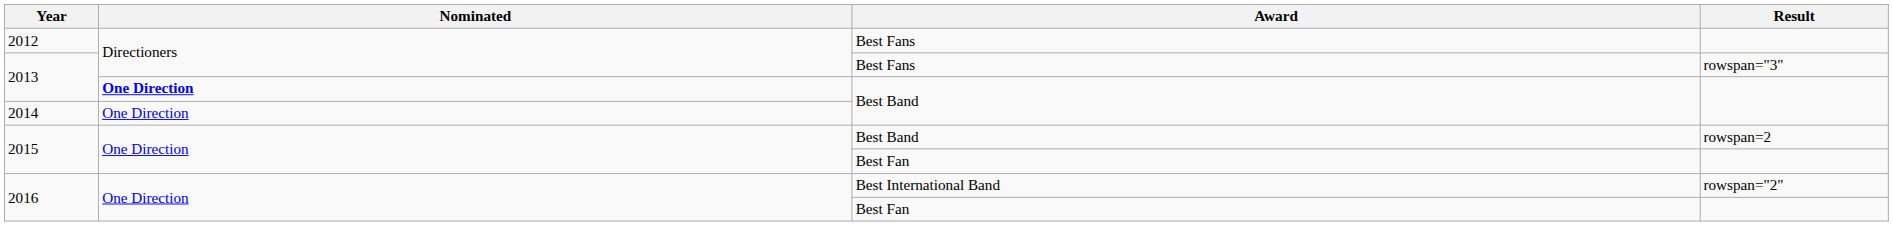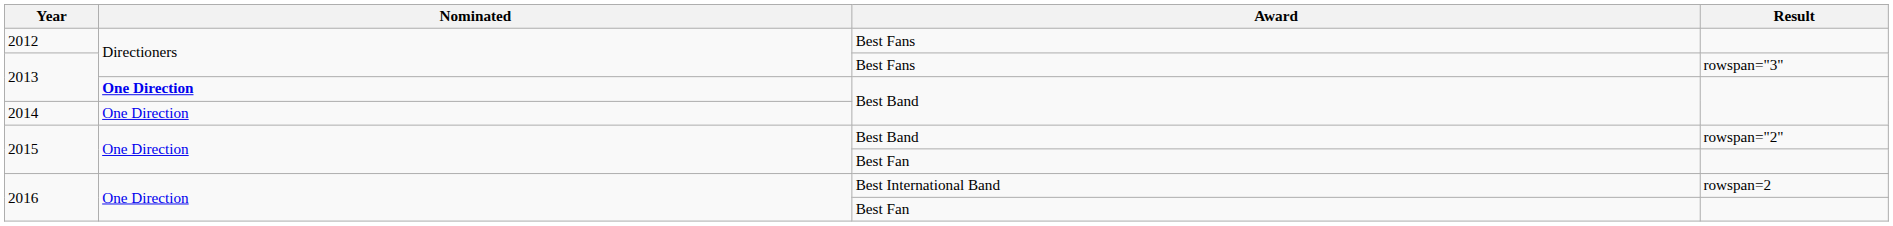 <table class="wikitable" style="width:100%;">
 <tr>
 <th width=5%>Year</th>
 <th style="width:40%;">Nominated</th>
 <th style="width:45%;">Award</th>
 <th style="width:10%;">Result</th>
 </tr>
 <tr>
 <td>2012</td>
 <td rowspan="2">Directioners</td>
 <td>Best Fans</td>
 <td></td>
 </tr>
 <tr>
 <td rowspan="2">2013</td>
 <td>Best Fans</td>
 <td>rowspan="3" </td>
 </tr>
 <tr>
 <td><strong><a href='#'>One Direction</a></strong></td>
 <td rowspan="2">Best Band</td>
 </tr>
 <tr>
 <td rowspan="1">2014</td>
 <td><a href='#'>One Direction</a></td>
 </tr>
 <tr>
 <td rowspan="2">2015</td>
 <td rowspan="2"><a href='#'>One Direction</a></td>
 <td>Best Band</td>
-<td>rowspan=2 </td>
+<td>rowspan="2" </td>
 </tr>
 <tr>
 <td>Best Fan</td>
 </tr>
 <tr>
 <td rowspan="2">2016</td>
 <td rowspan="2"><a href='#'>One Direction</a></td>
 <td>Best International Band</td>
-<td>rowspan="2" </td>
+<td>rowspan=2 </td>
 </tr>
 <tr>
 <td>Best Fan</td>
 </tr>
 </table>
